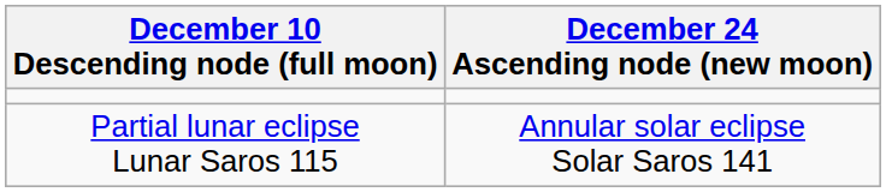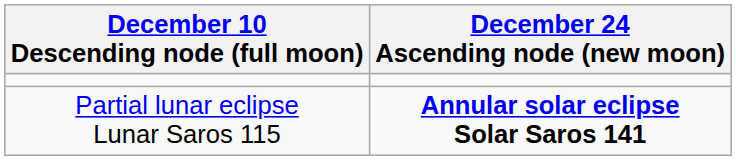 <table class="wikitable">
 <tr>
 <th><a href='#'>December 10</a><br>Descending node (full moon)<br></th>
 <th><a href='#'>December 24</a><br>Ascending node (new moon)<br></th>
 </tr>
 <tr>
 <td></td>
 <td></td>
 </tr>
 <tr align=center>
 <td><a href='#'>Partial lunar eclipse</a><br>Lunar Saros 115</td>
-<td><a href='#'>Annular solar eclipse</a><br>Solar Saros 141</td>
+<td><strong><a href='#'>Annular solar eclipse</a><br>Solar Saros 141</strong></td>
 </tr>
 </table>
